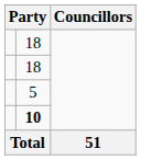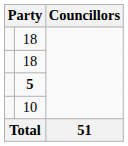 <table class="wikitable">
 <tr>
 <th colspan=2>Party</th>
 <th>Councillors</th>
 </tr>
 <tr>
 <td></td>
 <td align=center>18</td>
 </tr>
 <tr>
 <td></td>
 <td align=center>18</td>
 </tr>
 <tr>
 <td></td>
-<td align=center>5</td>
+<td align=center><strong>5</strong></td>
 </tr>
 <tr>
 <td></td>
-<td align=center><strong>10</strong></td>
+<td align=center>10</td>
 </tr>
 <tr>
 <th colspan=2>Total</th>
 <th align=center>51</th>
 </tr>
 </table>
